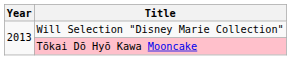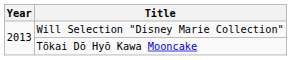 <table class="wikitable">
 <tr>
 <th>Year</th>
 <th>Title</th>
 </tr>
 <tr>
 <td rowspan="2">2013</td>
 <td>Will Selection "Disney Marie Collection"</td>
 </tr>
 <tr>
-<td style="background: pink;">Tōkai Dō Hyō Kawa <a href='#'>Mooncake</a></td>
+<td>Tōkai Dō Hyō Kawa <a href='#'>Mooncake</a></td>
 </tr>
 </table>
